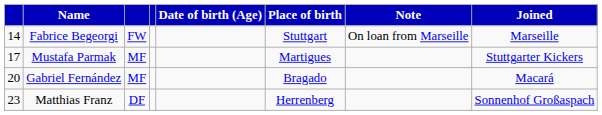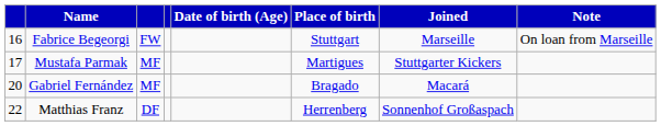 <table class="wikitable" style="text-align:center; font-size:90%;">
 <tr>
 <th style="background:#0000BB; color:white; text-align:center;"></th>
 <th style="background:#0000BB; color:white; text-align:center;">Name</th>
 <th style="background:#0000BB; color:white; text-align:center;"></th>
 <th style="background:#0000BB; color:white; text-align:center;"></th>
 <th style="background:#0000BB; color:white; text-align:center;">Date of birth (Age)</th>
 <th style="background:#0000BB; color:white; text-align:center;">Place of birth</th>
+<th style="background:#0000BB; color:white; text-align:center;">Joined</th>
 <th style="background:#0000BB; color:white; text-align:center;">Note</th>
-<th style="background:#0000BB; color:white; text-align:center;">Joined</th>
 </tr>
 <tr>
-<td>14</td>
+<td>16</td>
 <td><a href='#'>Fabrice Begeorgi</a></td>
 <td><a href='#'>FW</a></td>
 <td></td>
 <td></td>
 <td><a href='#'>Stuttgart</a></td>
+<td><a href='#'>Marseille</a></td>
 <td>On loan from <a href='#'>Marseille</a></td>
-<td><a href='#'>Marseille</a></td>
 </tr>
 <tr>
 <td>17</td>
 <td><a href='#'>Mustafa Parmak</a></td>
 <td><a href='#'>MF</a></td>
 <td></td>
 <td></td>
 <td><a href='#'>Martigues</a></td>
+<td><a href='#'>Stuttgarter Kickers</a></td>
 <td></td>
-<td><a href='#'>Stuttgarter Kickers</a></td>
 </tr>
 <tr>
 <td>20</td>
 <td><a href='#'>Gabriel Fernández</a></td>
 <td><a href='#'>MF</a></td>
 <td></td>
 <td></td>
 <td><a href='#'>Bragado</a></td>
+<td><a href='#'>Macará</a></td>
 <td></td>
-<td><a href='#'>Macará</a></td>
 </tr>
 <tr>
-<td>23</td>
+<td>22</td>
 <td>Matthias Franz</td>
 <td><a href='#'>DF</a></td>
 <td></td>
 <td></td>
 <td><a href='#'>Herrenberg</a></td>
+<td><a href='#'>Sonnenhof Großaspach</a></td>
 <td></td>
-<td><a href='#'>Sonnenhof Großaspach</a></td>
 </tr>
 </table>
